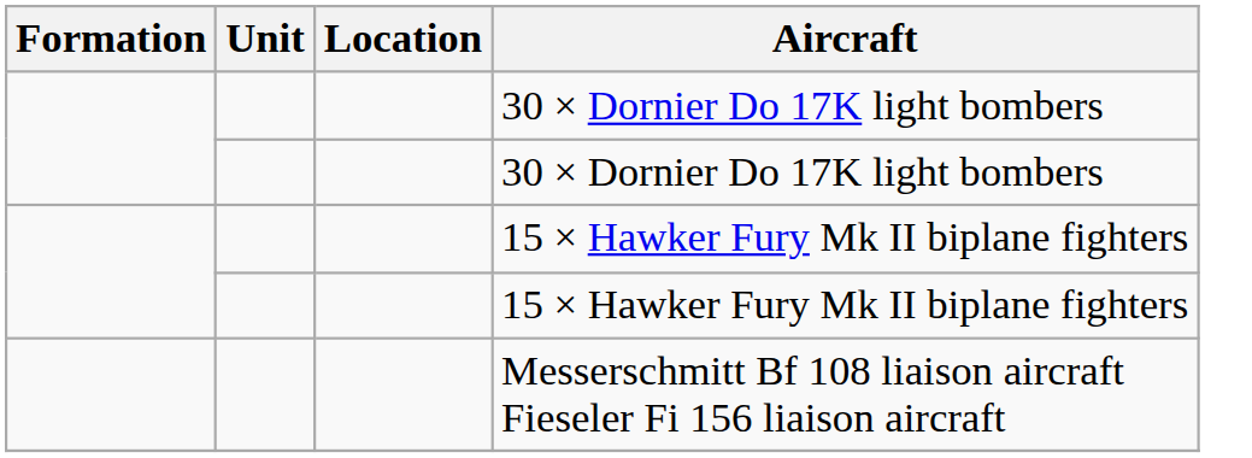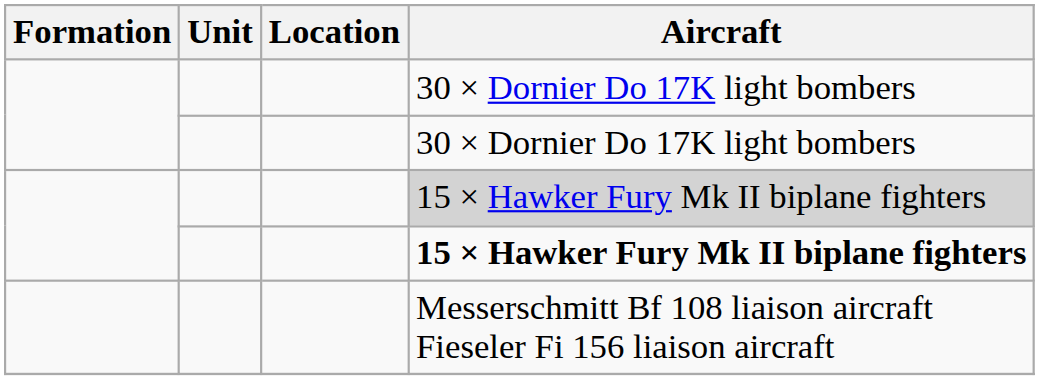 <table class="wikitable">
 <tr>
 <th scope="col">Formation</th>
 <th scope="col">Unit</th>
 <th scope="col">Location</th>
 <th scope="col">Aircraft</th>
 </tr>
 <tr>
 <td rowspan=2></td>
 <td></td>
 <td></td>
 <td>30 × <a href='#'>Dornier Do 17K</a> light bombers</td>
 </tr>
 <tr>
 <td></td>
 <td></td>
 <td>30 × Dornier Do 17K light bombers</td>
 </tr>
 <tr>
 <td rowspan=2></td>
 <td></td>
 <td></td>
-<td>15 × <a href='#'>Hawker Fury</a> Mk II biplane fighters</td>
+<td style="background: lightgrey;">15 × <a href='#'>Hawker Fury</a> Mk II biplane fighters</td>
 </tr>
 <tr>
 <td></td>
 <td></td>
-<td>15 × Hawker Fury Mk II biplane fighters</td>
+<td><strong>15 × Hawker Fury Mk II biplane fighters</strong></td>
 </tr>
 <tr>
 <td rowspan=1></td>
 <td></td>
 <td></td>
 <td>Messerschmitt Bf 108 liaison aircraft<br>Fieseler Fi 156 liaison aircraft</td>
 </tr>
 <tr>
 </tr>
 </table>
